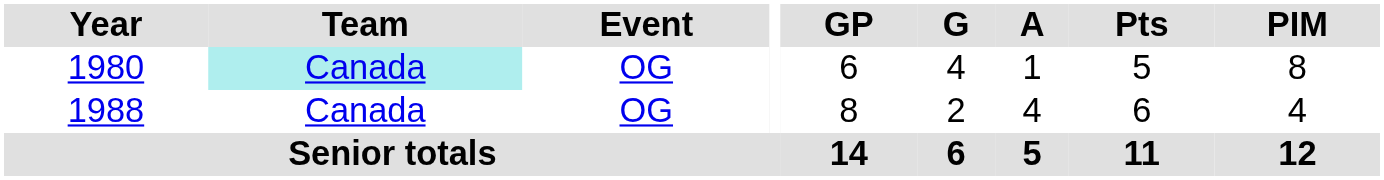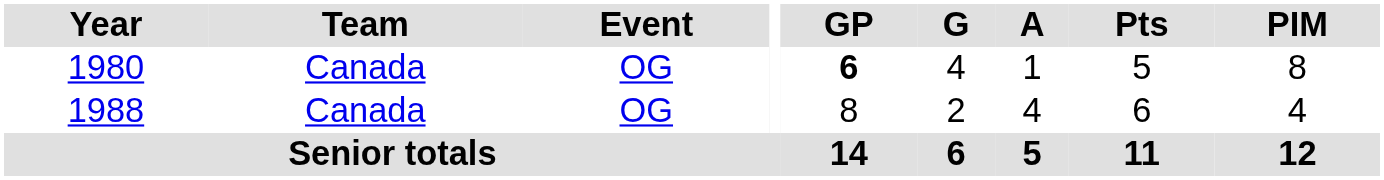 <table border="0" cellpadding="1" cellspacing="0" ID="Table3" style="text-align:center; width:40em">
 <tr bgcolor="#e0e0e0">
 <th>Year</th>
 <th>Team</th>
 <th>Event</th>
 <th rowspan="102" bgcolor="#ffffff"></th>
 <th>GP</th>
 <th>G</th>
 <th>A</th>
 <th>Pts</th>
 <th>PIM</th>
 </tr>
 <tr>
 <td><a href='#'>1980</a></td>
-<td style="background: paleturquoise;"><a href='#'>Canada</a></td>
+<td><a href='#'>Canada</a></td>
 <td><a href='#'>OG</a></td>
-<td>6</td>
+<td><strong>6</strong></td>
 <td>4</td>
 <td>1</td>
 <td>5</td>
 <td>8</td>
 </tr>
 <tr>
 <td><a href='#'>1988</a></td>
 <td><a href='#'>Canada</a></td>
 <td><a href='#'>OG</a></td>
 <td>8</td>
 <td>2</td>
 <td>4</td>
 <td>6</td>
 <td>4</td>
 </tr>
 <tr bgcolor="#e0e0e0">
 <th colspan="4">Senior totals</th>
 <th>14</th>
 <th>6</th>
 <th>5</th>
 <th>11</th>
 <th>12</th>
 </tr>
 </table>
